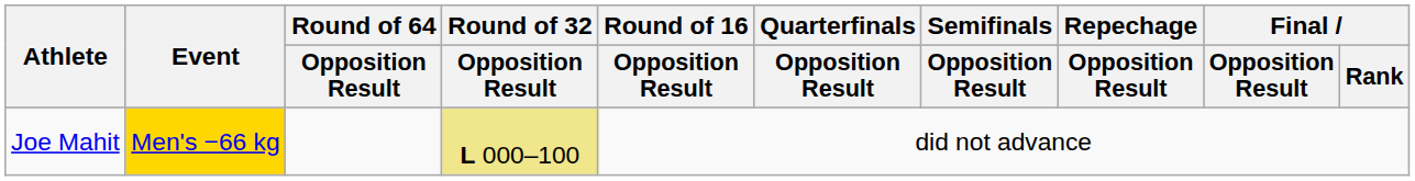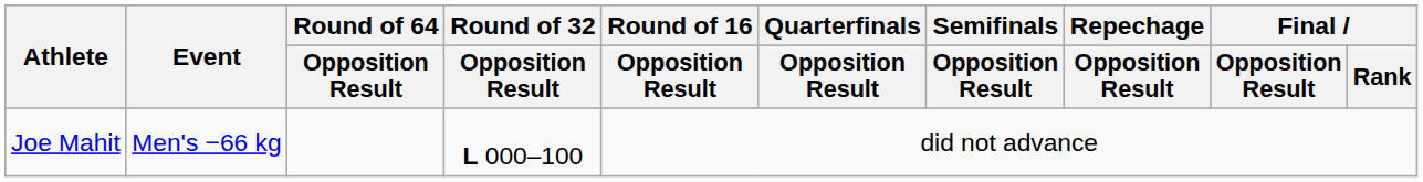 <table class="wikitable" style="font-size:90%">
 <tr>
 <th rowspan="2">Athlete</th>
 <th rowspan="2">Event</th>
 <th>Round of 64</th>
 <th>Round of 32</th>
 <th>Round of 16</th>
 <th>Quarterfinals</th>
 <th>Semifinals</th>
 <th>Repechage</th>
 <th colspan=2>Final / </th>
 </tr>
 <tr style="font-size:95%">
 <th>Opposition<br>Result</th>
 <th>Opposition<br>Result</th>
 <th>Opposition<br>Result</th>
 <th>Opposition<br>Result</th>
 <th>Opposition<br>Result</th>
 <th>Opposition<br>Result</th>
 <th>Opposition<br>Result</th>
 <th>Rank</th>
 </tr>
 <tr align=center>
 <td align=left><a href='#'>Joe Mahit</a></td>
-<td align=left style="background: gold;"><a href='#'>Men's −66 kg</a></td>
+<td align=left><a href='#'>Men's −66 kg</a></td>
 <td></td>
-<td style="background: khaki;"><br><strong>L</strong> 000–100</td>
+<td><br><strong>L</strong> 000–100</td>
 <td colspan=6>did not advance</td>
 </tr>
 </table>
